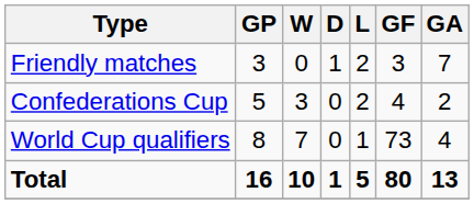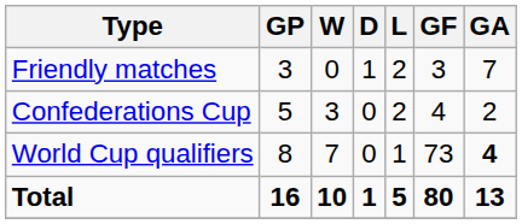 <table class="wikitable">
 <tr>
 <th>Type</th>
 <th>GP</th>
 <th>W</th>
 <th>D</th>
 <th>L</th>
 <th>GF</th>
 <th>GA</th>
 </tr>
 <tr>
 <td align=left><a href='#'>Friendly matches</a></td>
 <td align=center>3</td>
 <td align=center>0</td>
 <td align=center>1</td>
 <td align=center>2</td>
 <td align=center>3</td>
 <td align=center>7</td>
 </tr>
 <tr>
 <td align=left><a href='#'>Confederations Cup</a></td>
 <td align=center>5</td>
 <td align=center>3</td>
 <td align=center>0</td>
 <td align=center>2</td>
 <td align=center>4</td>
 <td align=center>2</td>
 </tr>
 <tr>
 <td align=left><a href='#'>World Cup qualifiers</a></td>
 <td align=center>8</td>
 <td align=center>7</td>
 <td align=center>0</td>
 <td align=center>1</td>
 <td align=center>73</td>
-<td align=center>4</td>
+<td align=center><strong>4</strong></td>
 </tr>
 <tr>
 <td><strong>Total</strong></td>
 <td align=center><strong>16</strong></td>
 <td align=center><strong>10</strong></td>
 <td align=center><strong>1</strong></td>
 <td align=center><strong>5</strong></td>
 <td align=center><strong>80</strong></td>
 <td align=center><strong>13</strong></td>
 </tr>
 <tr>
 </tr>
 </table>
